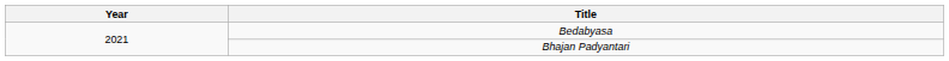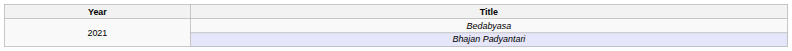 <table class="wikitable sortable" style="border-collapse:collapse; font-size: 90%; text-align:center" width="100%">
 <tr>
 <th>Year</th>
 <th>Title</th>
 </tr>
 <tr>
 <td rowspan="2">2021</td>
 <td><em>Bedabyasa</em></td>
 </tr>
 <tr>
-<td><em>Bhajan Padyantari</em></td>
+<td style="background: lavender;"><em>Bhajan Padyantari</em></td>
 </tr>
 </table>
